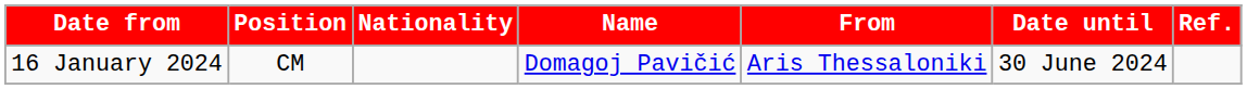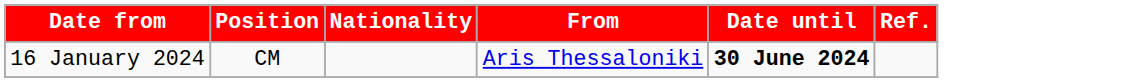 <table class="wikitable"  style="text-align:center; font-size:90%; ">
 <tr>
 <th style="background:red;color:white;">Date from</th>
 <th style="background:red;color:white;">Position</th>
 <th style="background:red;color:white;">Nationality</th>
-<th style="background:red;color:white;">Name</th>
 <th style="background:red;color:white;">From</th>
 <th style="background:red;color:white;">Date until</th>
 <th style="background:red;color:white;">Ref.</th>
 </tr>
 <tr>
 <td>16 January 2024</td>
 <td>CM</td>
 <td></td>
-<td><a href='#'>Domagoj Pavičić</a></td>
 <td> <a href='#'>Aris Thessaloniki</a></td>
-<td>30 June 2024</td>
+<td><strong>30 June 2024</strong></td>
 <td></td>
 </tr>
 </table>
